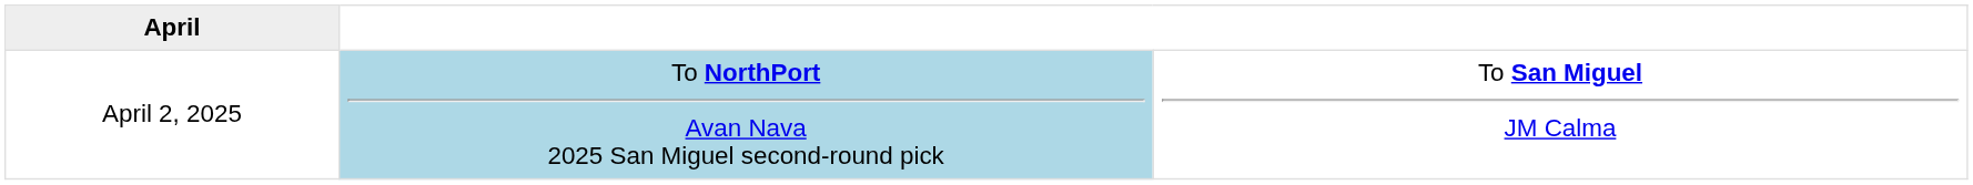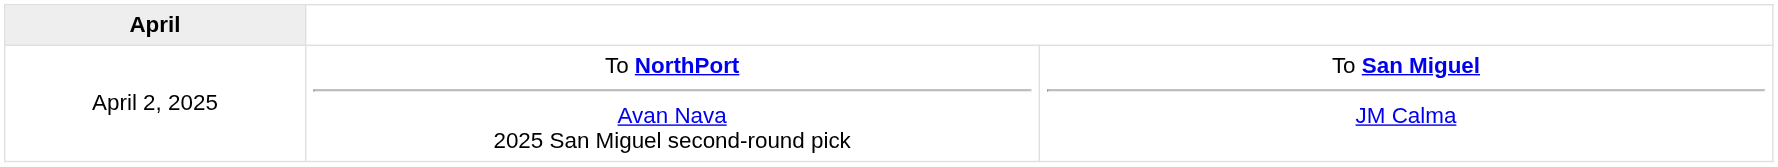 <table border=1 style="border-collapse:collapse; text-align: center; width: 100%" bordercolor="#DFDFDF"  cellpadding="5">
 <tr bgcolor="eeeeee">
 <th>April</th>
 </tr>
 <tr>
 <td style="width:12%">April 2, 2025</td>
-<td style="background: lightblue; width:29.3%" valign="top">To <strong><a href='#'>NorthPort</a></strong><hr><a href='#'>Avan Nava</a><br>2025 San Miguel second-round pick</td>
+<td style="width:29.3%" valign="top">To <strong><a href='#'>NorthPort</a></strong><hr><a href='#'>Avan Nava</a><br>2025 San Miguel second-round pick</td>
 <td style="width:29.3%" valign="top">To <strong><a href='#'>San Miguel</a></strong><hr><a href='#'>JM Calma</a></td>
 </tr>
 </table>
